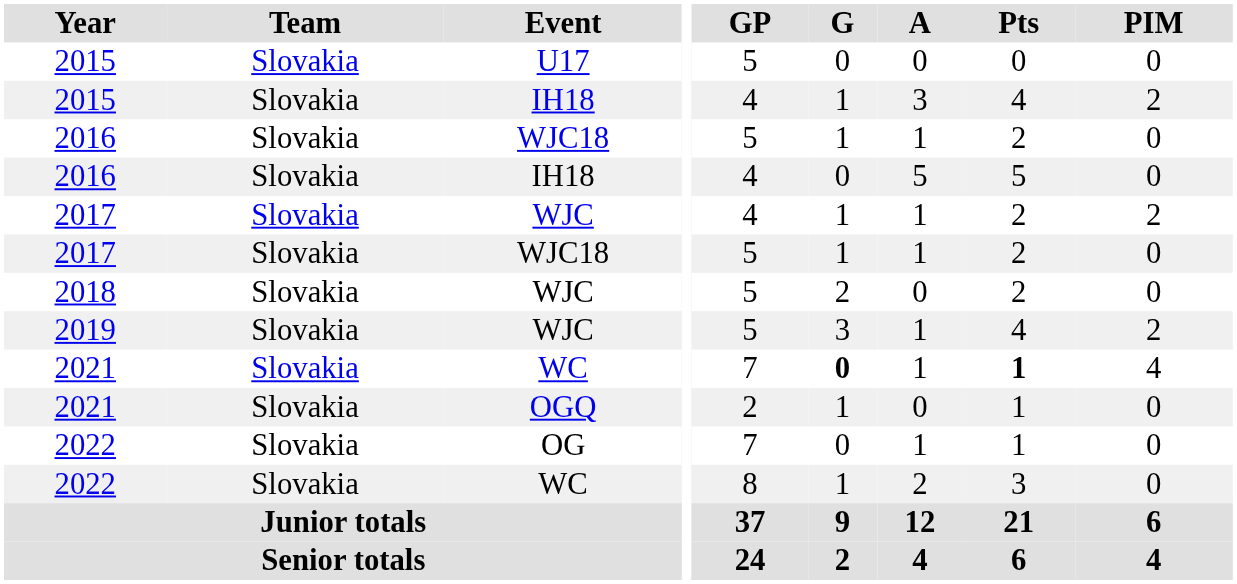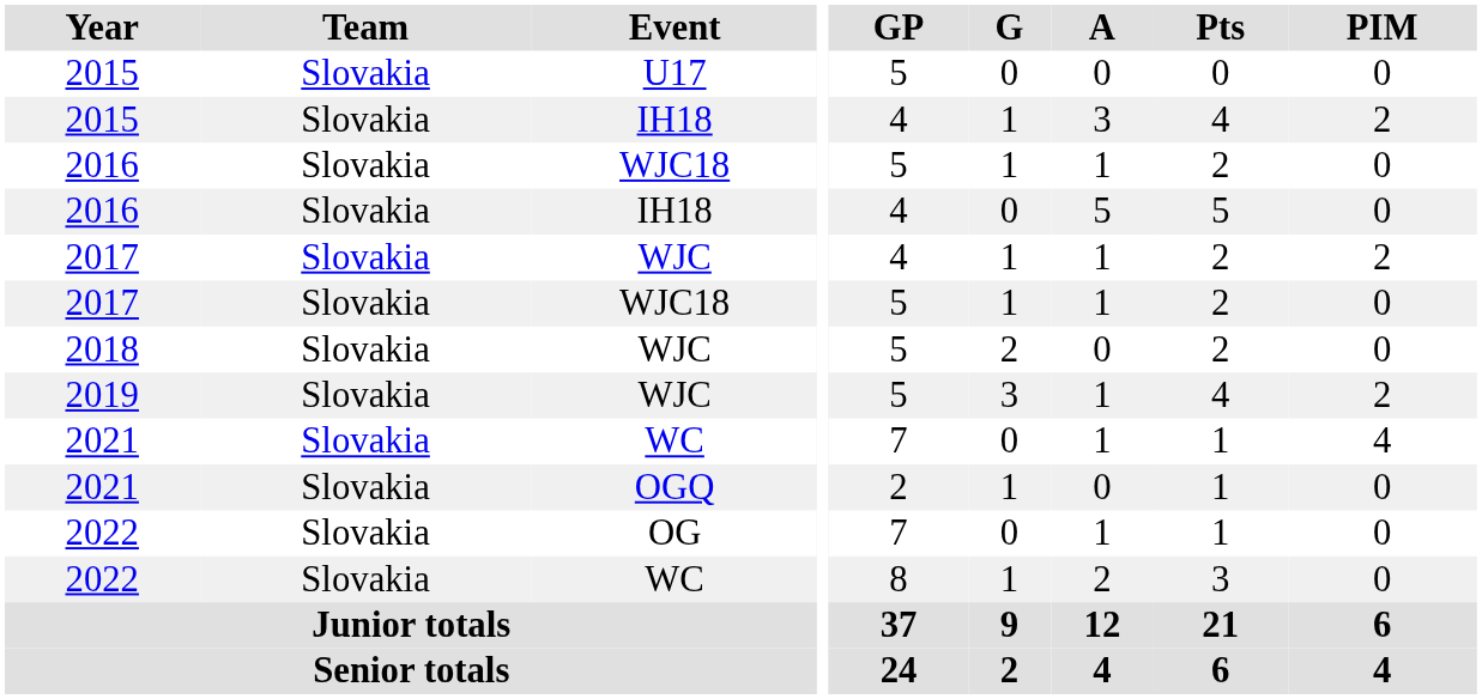 <table border="0" cellpadding="1" cellspacing="0" ID="Table3" style="text-align:center; width:40em">
 <tr bgcolor="#e0e0e0">
 <th>Year</th>
 <th>Team</th>
 <th>Event</th>
 <th rowspan="102" bgcolor="#ffffff"></th>
 <th>GP</th>
 <th>G</th>
 <th>A</th>
 <th>Pts</th>
 <th>PIM</th>
 </tr>
 <tr>
 <td><a href='#'>2015</a></td>
 <td><a href='#'>Slovakia</a></td>
 <td><a href='#'>U17</a></td>
 <td>5</td>
 <td>0</td>
 <td>0</td>
 <td>0</td>
 <td>0</td>
 </tr>
 <tr bgcolor="#f0f0f0">
 <td><a href='#'>2015</a></td>
 <td>Slovakia</td>
 <td><a href='#'>IH18</a></td>
 <td>4</td>
 <td>1</td>
 <td>3</td>
 <td>4</td>
 <td>2</td>
 </tr>
 <tr>
 <td><a href='#'>2016</a></td>
 <td>Slovakia</td>
 <td><a href='#'>WJC18</a></td>
 <td>5</td>
 <td>1</td>
 <td>1</td>
 <td>2</td>
 <td>0</td>
 </tr>
 <tr bgcolor="#f0f0f0">
 <td><a href='#'>2016</a></td>
 <td>Slovakia</td>
 <td>IH18</td>
 <td>4</td>
 <td>0</td>
 <td>5</td>
 <td>5</td>
 <td>0</td>
 </tr>
 <tr>
 <td><a href='#'>2017</a></td>
 <td><a href='#'>Slovakia</a></td>
 <td><a href='#'>WJC</a></td>
 <td>4</td>
 <td>1</td>
 <td>1</td>
 <td>2</td>
 <td>2</td>
 </tr>
 <tr bgcolor="#f0f0f0">
 <td><a href='#'>2017</a></td>
 <td>Slovakia</td>
 <td>WJC18</td>
 <td>5</td>
 <td>1</td>
 <td>1</td>
 <td>2</td>
 <td>0</td>
 </tr>
 <tr>
 <td><a href='#'>2018</a></td>
 <td>Slovakia</td>
 <td>WJC</td>
 <td>5</td>
 <td>2</td>
 <td>0</td>
 <td>2</td>
 <td>0</td>
 </tr>
 <tr bgcolor="#f0f0f0">
 <td><a href='#'>2019</a></td>
 <td>Slovakia</td>
 <td>WJC</td>
 <td>5</td>
 <td>3</td>
 <td>1</td>
 <td>4</td>
 <td>2</td>
 </tr>
 <tr>
 <td><a href='#'>2021</a></td>
 <td><a href='#'>Slovakia</a></td>
 <td><a href='#'>WC</a></td>
 <td>7</td>
-<td><strong>0</strong></td>
+<td>0</td>
 <td>1</td>
-<td><strong>1</strong></td>
+<td>1</td>
 <td>4</td>
 </tr>
 <tr bgcolor="#f0f0f0">
 <td><a href='#'>2021</a></td>
 <td>Slovakia</td>
 <td><a href='#'>OGQ</a></td>
 <td>2</td>
 <td>1</td>
 <td>0</td>
 <td>1</td>
 <td>0</td>
 </tr>
 <tr>
 <td><a href='#'>2022</a></td>
 <td>Slovakia</td>
 <td>OG</td>
 <td>7</td>
 <td>0</td>
 <td>1</td>
 <td>1</td>
 <td>0</td>
 </tr>
 <tr bgcolor="#f0f0f0">
 <td><a href='#'>2022</a></td>
 <td>Slovakia</td>
 <td>WC</td>
 <td>8</td>
 <td>1</td>
 <td>2</td>
 <td>3</td>
 <td>0</td>
 </tr>
 <tr bgcolor="#e0e0e0">
 <th colspan=3>Junior totals</th>
 <th>37</th>
 <th>9</th>
 <th>12</th>
 <th>21</th>
 <th>6</th>
 </tr>
 <tr bgcolor="#e0e0e0">
 <th colspan=3>Senior totals</th>
 <th>24</th>
 <th>2</th>
 <th>4</th>
 <th>6</th>
 <th>4</th>
 </tr>
 </table>
